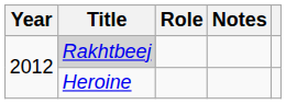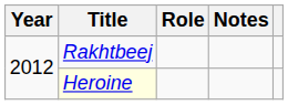 <table class="wikitable">
 <tr>
 <th>Year</th>
 <th>Title</th>
 <th>Role</th>
 <th>Notes</th>
 <th></th>
 </tr>
 <tr>
 <td rowspan="2">2012</td>
-<td style="background: lightgrey;"><em><a href='#'>Rakhtbeej</a></em></td>
+<td><em><a href='#'>Rakhtbeej</a></em></td>
 <td></td>
 <td></td>
 <td></td>
 </tr>
 <tr>
-<td><em><a href='#'>Heroine</a></em></td>
+<td style="background: lightyellow;"><em><a href='#'>Heroine</a></em></td>
 <td></td>
 <td></td>
 <td></td>
 </tr>
 </table>
